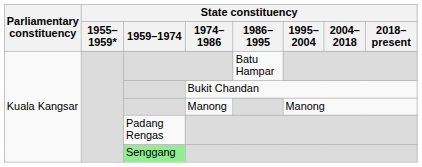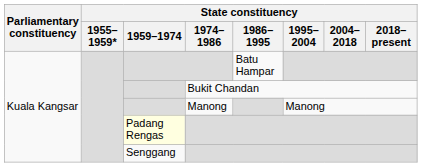 <table class="wikitable">
 <tr>
 <th rowspan="2">Parliamentary<br>constituency</th>
 <th colspan="7">State constituency</th>
 </tr>
 <tr>
 <th>1955–1959*</th>
 <th>1959–1974</th>
 <th>1974–1986</th>
 <th>1986–1995</th>
 <th>1995–2004</th>
 <th>2004–2018</th>
 <th>2018–present</th>
 </tr>
 <tr>
 <td rowspan="5">Kuala Kangsar</td>
 <td rowspan="5" bgcolor="dcdcdc"></td>
 <td colspan="2" bgcolor="dcdcdc"></td>
 <td>Batu Hampar</td>
 <td colspan="3" bgcolor="dcdcdc"></td>
 </tr>
 <tr>
 <td bgcolor="dcdcdc"></td>
 <td colspan="5">Bukit Chandan</td>
 </tr>
 <tr>
 <td bgcolor="dcdcdc"></td>
 <td>Manong</td>
 <td bgcolor="dcdcdc"></td>
 <td colspan="3">Manong</td>
 </tr>
 <tr>
-<td>Padang Rengas</td>
+<td style="background: lightyellow;">Padang Rengas</td>
 <td colspan="5" bgcolor="dcdcdc"></td>
 </tr>
 <tr>
-<td style="background: lightgreen;">Senggang</td>
+<td>Senggang</td>
 <td colspan="5" bgcolor="dcdcdc"></td>
 </tr>
 </table>
